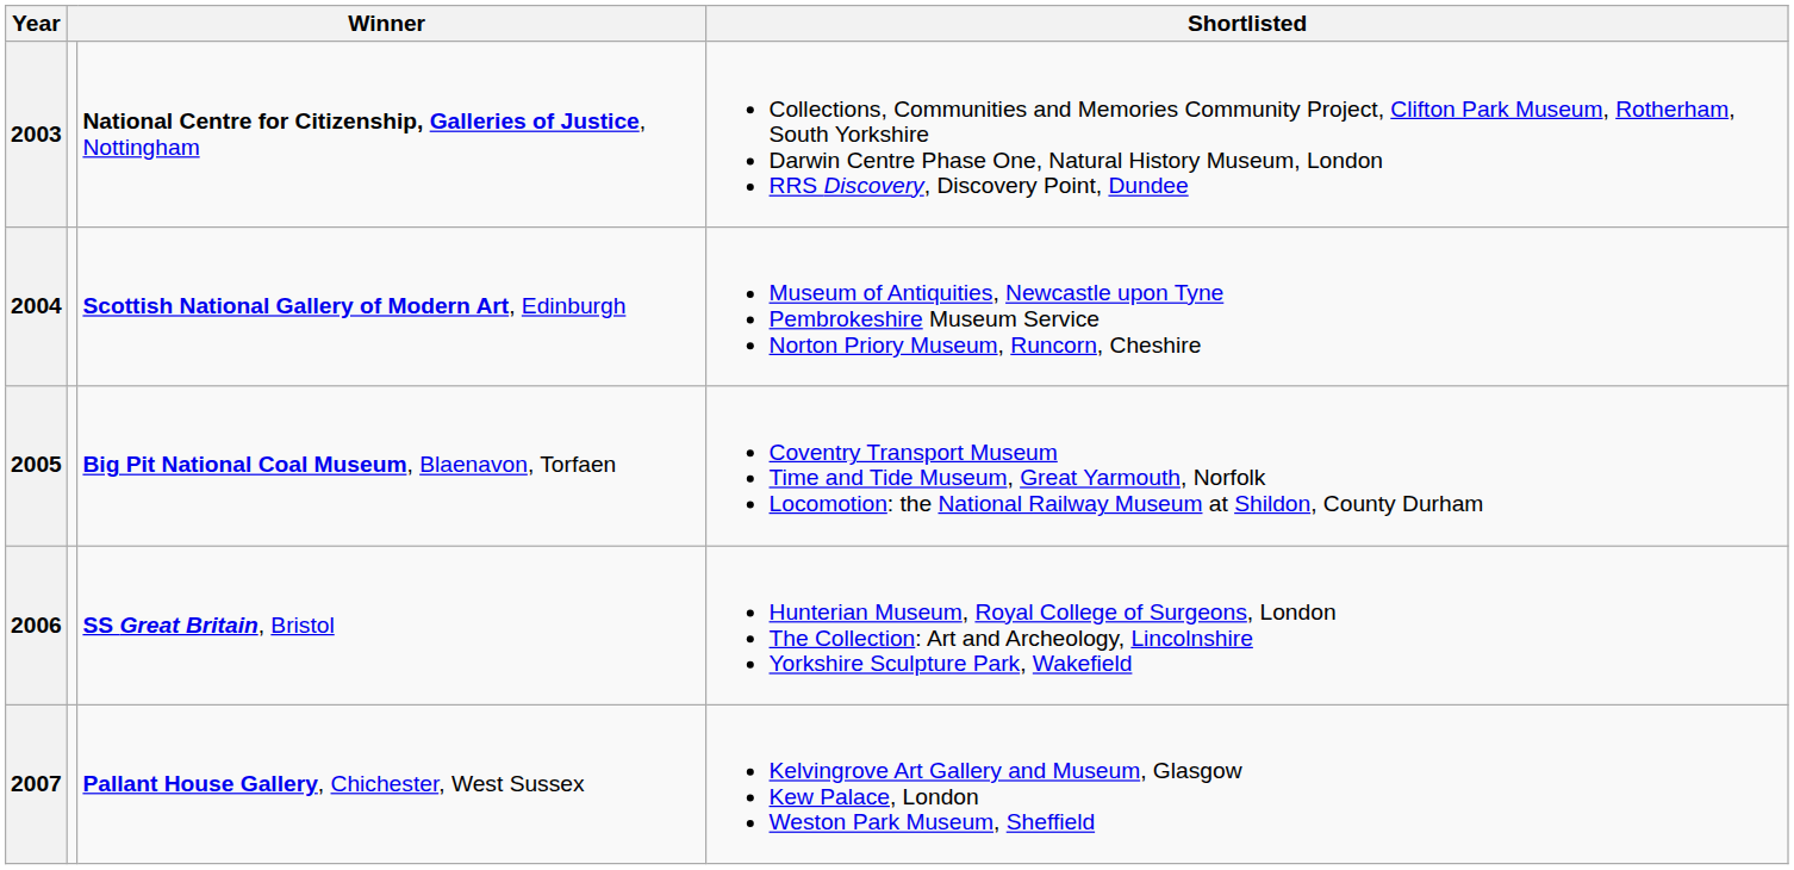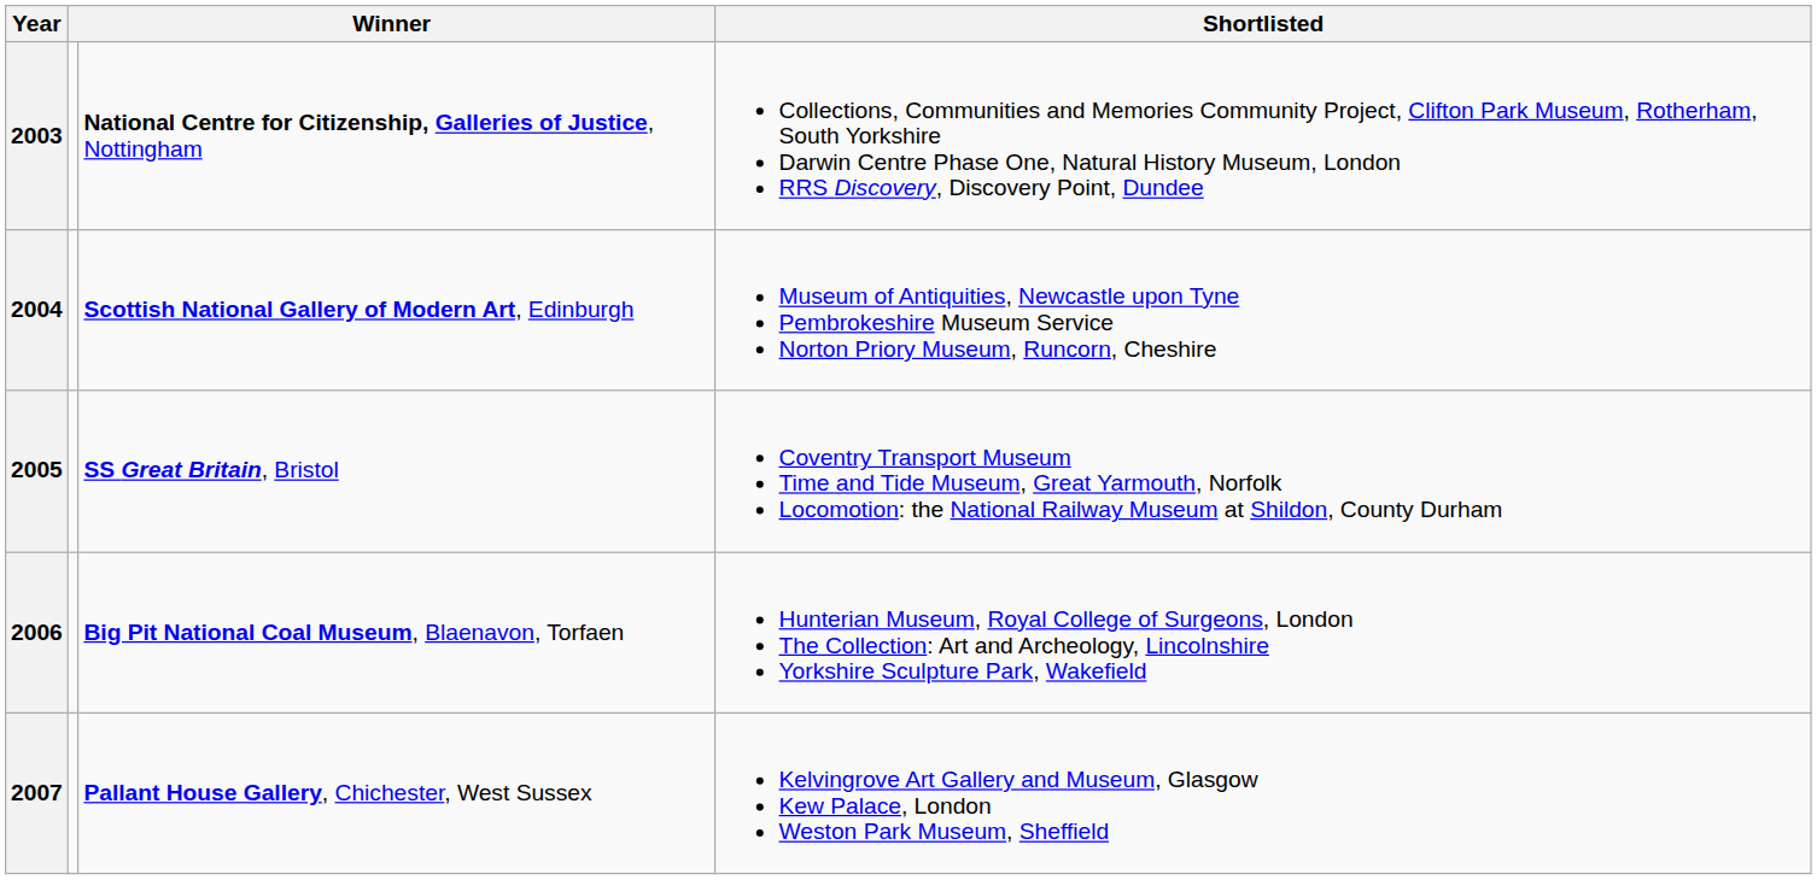 <table class="wikitable sortable plainrowheaders">
 <tr>
 <th scope="col" width=30>Year</th>
 <th class="unsortable" colspan=2>Winner</th>
 <th class="unsortable">Shortlisted</th>
 </tr>
 <tr>
 <th>2003</th>
 <td></td>
 <td><strong>National Centre for Citizenship, <a href='#'>Galleries of Justice</a></strong>, <a href='#'>Nottingham</a></td>
 <td><br><ul><li>Collections, Communities and Memories Community Project, <a href='#'>Clifton Park Museum</a>, <a href='#'>Rotherham</a>, South Yorkshire</li><li>Darwin Centre Phase One, Natural History Museum, London</li><li><a href='#'>RRS <em>Discovery</em></a>, Discovery Point, <a href='#'>Dundee</a></li></ul></td>
 </tr>
 <tr>
 <th>2004</th>
 <td></td>
 <td><strong><a href='#'>Scottish National Gallery of Modern Art</a></strong>, <a href='#'>Edinburgh</a></td>
 <td><br><ul><li><a href='#'>Museum of Antiquities</a>, <a href='#'>Newcastle upon Tyne</a></li><li><a href='#'>Pembrokeshire</a> Museum Service</li><li><a href='#'>Norton Priory Museum</a>, <a href='#'>Runcorn</a>, Cheshire</li></ul></td>
 </tr>
 <tr>
 <th>2005</th>
 <td></td>
-<td><strong><a href='#'>Big Pit National Coal Museum</a></strong>, <a href='#'>Blaenavon</a>, Torfaen</td>
+<td><strong><a href='#'>SS <em>Great Britain</em></a></strong>, <a href='#'>Bristol</a></td>
 <td><br><ul><li><a href='#'>Coventry Transport Museum</a></li><li><a href='#'>Time and Tide Museum</a>, <a href='#'>Great Yarmouth</a>, Norfolk</li><li><a href='#'>Locomotion</a>: the <a href='#'>National Railway Museum</a> at <a href='#'>Shildon</a>, County Durham</li></ul></td>
 </tr>
 <tr>
 <th>2006</th>
 <td></td>
-<td><strong><a href='#'>SS <em>Great Britain</em></a></strong>, <a href='#'>Bristol</a></td>
+<td><strong><a href='#'>Big Pit National Coal Museum</a></strong>, <a href='#'>Blaenavon</a>, Torfaen</td>
 <td><br><ul><li><a href='#'>Hunterian Museum</a>, <a href='#'>Royal College of Surgeons</a>, London</li><li><a href='#'>The Collection</a>: Art and Archeology, <a href='#'>Lincolnshire</a></li><li><a href='#'>Yorkshire Sculpture Park</a>, <a href='#'>Wakefield</a></li></ul></td>
 </tr>
 <tr>
 <th>2007</th>
 <td></td>
 <td><strong><a href='#'>Pallant House Gallery</a></strong>, <a href='#'>Chichester</a>, West Sussex</td>
 <td><br><ul><li><a href='#'>Kelvingrove Art Gallery and Museum</a>, Glasgow</li><li><a href='#'>Kew Palace</a>, London</li><li><a href='#'>Weston Park Museum</a>, <a href='#'>Sheffield</a></li></ul></td>
 </tr>
 </table>
